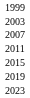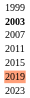 <table>
 <tr>
 <td>1999</td>
 <td></td>
 <td></td>
 <td></td>
 </tr>
 <tr>
-<td>2003</td>
+<td><strong>2003</strong></td>
 <td></td>
 <td></td>
 <td></td>
 </tr>
 <tr>
 <td>2007</td>
 <td></td>
 <td></td>
 <td></td>
 </tr>
 <tr>
 <td>2011<br></td>
 <td></td>
 <td></td>
 <td></td>
 </tr>
 <tr>
 <td>2015<br></td>
 <td></td>
 <td></td>
 <td></td>
 </tr>
 <tr>
-<td>2019<br></td>
+<td style="background: lightsalmon;">2019<br></td>
 <td></td>
 <td></td>
 <td></td>
 </tr>
 <tr>
 <td>2023<br></td>
 <td></td>
 <td></td>
 <td></td>
 </tr>
 </table>
